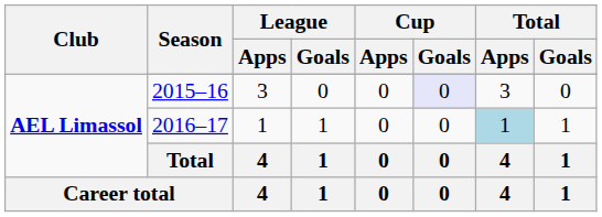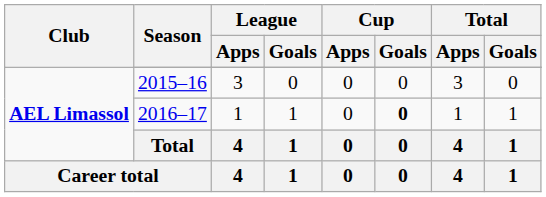 <table class="wikitable" style="text-align:center;">
 <tr>
 <th rowspan="2">Club</th>
 <th rowspan="2">Season</th>
 <th colspan="2">League</th>
 <th colspan="2">Cup</th>
 <th colspan="2">Total</th>
 </tr>
 <tr>
 <th>Apps</th>
 <th>Goals</th>
 <th>Apps</th>
 <th>Goals</th>
 <th>Apps</th>
 <th>Goals</th>
 </tr>
 <tr ||-||-||-|->
 <td rowspan="4" valign="center"><strong><a href='#'>AEL Limassol</a></strong></td>
 </tr>
 <tr>
 <td><a href='#'>2015–16</a></td>
 <td>3</td>
 <td>0</td>
 <td>0</td>
-<td style="background: lavender;">0</td>
+<td>0</td>
 <td>3</td>
 <td>0</td>
 </tr>
 <tr>
 <td><a href='#'>2016–17</a></td>
 <td>1</td>
 <td>1</td>
 <td>0</td>
-<td>0</td>
-<td style="background: lightblue;">1</td>
+<td><strong>0</strong></td>
+<td>1</td>
 <td>1</td>
 </tr>
 <tr>
 <th>Total</th>
 <th>4</th>
 <th>1</th>
 <th>0</th>
 <th>0</th>
 <th>4</th>
 <th>1</th>
 </tr>
 <tr>
 <th colspan=2>Career total</th>
 <th>4</th>
 <th>1</th>
 <th>0</th>
 <th>0</th>
 <th>4</th>
 <th>1</th>
 </tr>
 </table>
